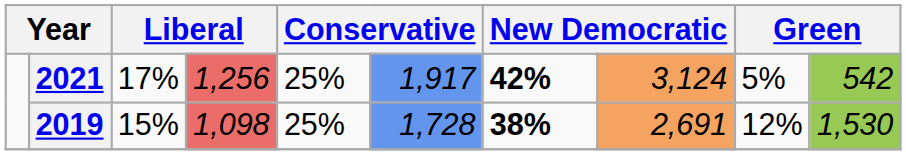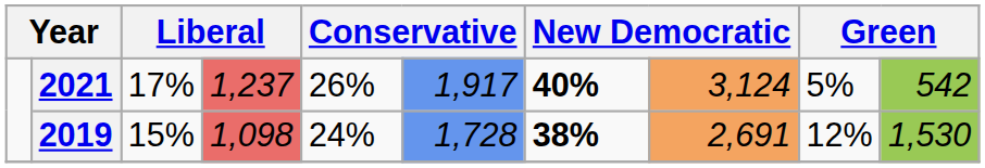 <table class="wikitable" style="width:400; font-size:90%; margin-left:1em;">
 <tr>
 <th colspan="2" scope="col">Year</th>
 <th colspan="2" scope="col"><a href='#'>Liberal</a></th>
 <th colspan="2" scope="col"><a href='#'>Conservative</a></th>
 <th colspan="2" scope="col"><a href='#'>New Democratic</a></th>
 <th colspan="2" scope="col"><a href='#'>Green</a></th>
 </tr>
 <tr>
 <td rowspan="2" style="width: 0.25em; background-color: "></td>
 <th><a href='#'>2021</a></th>
 <td>17%</td>
-<td style="text-align:right; background:#EA6D6A;"><em>1,256</em></td>
-<td>25%</td>
+<td style="text-align:right; background:#EA6D6A;"><em>1,237</em></td>
+<td>26%</td>
 <td style="text-align:right; background:#6495ED;"><em>1,917</em></td>
-<td><strong>42%</strong></td>
+<td><strong>40%</strong></td>
 <td style="text-align:right; background:#F4A460;"><em>3,124</em></td>
 <td>5%</td>
 <td style="text-align:right; background:#99C955;"><em>542</em></td>
 </tr>
 <tr>
 <th><a href='#'>2019</a></th>
 <td>15%</td>
 <td style="text-align:right; background:#EA6D6A;"><em>1,098</em></td>
-<td>25%</td>
+<td>24%</td>
 <td style="text-align:right; background:#6495ED;"><em>1,728</em></td>
 <td><strong>38%</strong></td>
 <td style="text-align:right; background:#F4A460;"><em>2,691</em></td>
 <td>12%</td>
 <td style="text-align:right; background:#99C955;"><em>1,530</em></td>
 </tr>
 <tr>
 </tr>
 </table>
